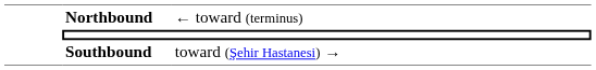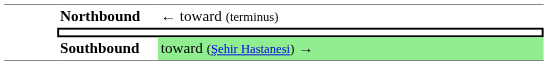 <table table border=0 cellspacing=0 cellpadding=3>
 <tr>
 <td style="border-top:solid 1px gray;border-bottom:solid 1px gray;" width=50 rowspan=3 valign=top></td>
 <td style="border-top:solid 1px gray;" width=100><strong>Northbound</strong></td>
 <td style="border-top:solid 1px gray;" width=400>←  toward  <small>(terminus)</small></td>
 </tr>
 <tr>
 <td style="border-top:solid 2px black;border-right:solid 2px black;border-left:solid 2px black;border-bottom:solid 2px black;text-align:center;" colspan=2></td>
 </tr>
 <tr>
 <td style="border-bottom:solid 1px gray;"><strong>Southbound</strong></td>
-<td style="border-bottom:solid 1px gray;"> toward  <small>(<a href='#'>Şehir Hastanesi</a>)</small> →</td>
+<td style="background: lightgreen; border-bottom:solid 1px gray;"> toward  <small>(<a href='#'>Şehir Hastanesi</a>)</small> →</td>
 </tr>
 </table>
